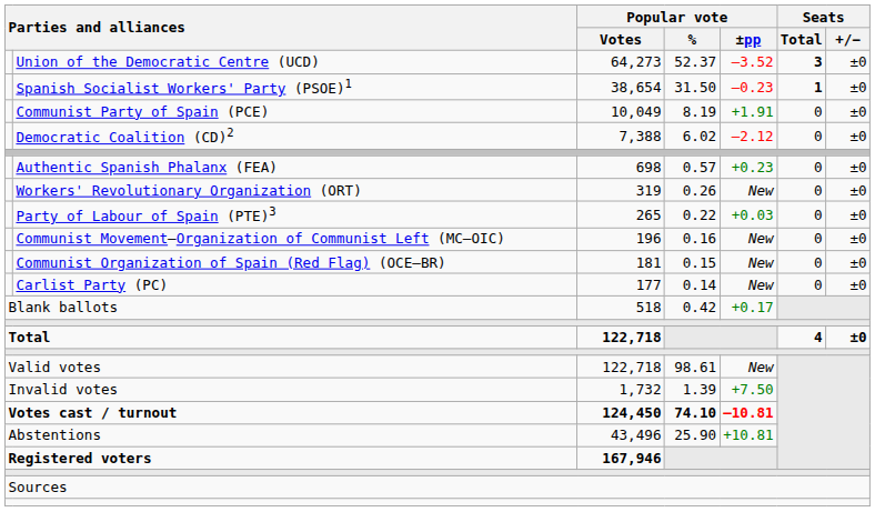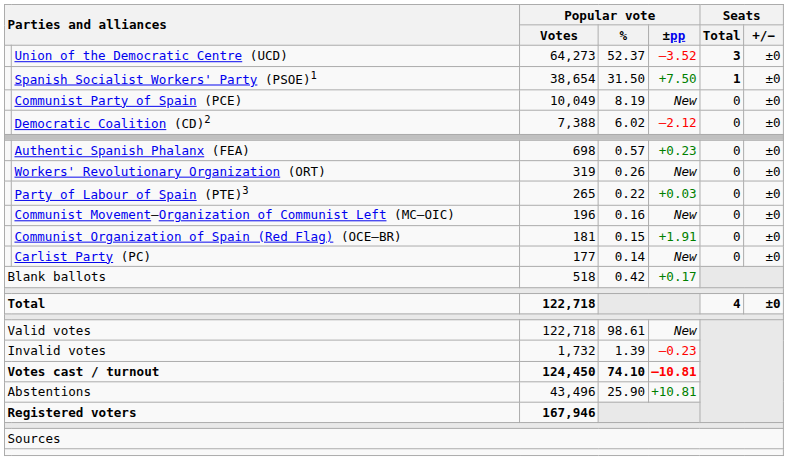 <table class="wikitable" style="text-align:right;">
 <tr>
 <th style="text-align:left;" rowspan="2" colspan="2" width="525">Parties and alliances</th>
 <th colspan="3">Popular vote</th>
 <th colspan="2">Seats</th>
 </tr>
 <tr>
 <th width="75">Votes</th>
 <th width="45">%</th>
 <th width="45">±<a href='#'>pp</a></th>
 <th width="35">Total</th>
 <th width="35">+/−</th>
 </tr>
 <tr>
 <td width="1" style="color:inherit;background:"></td>
 <td align="left"><a href='#'>Union of the Democratic Centre</a> (UCD)</td>
 <td>64,273</td>
 <td>52.37</td>
 <td style="color:red;">–3.52</td>
 <td><strong>3</strong></td>
 <td>±0</td>
 </tr>
 <tr>
 <td style="color:inherit;background:"></td>
 <td align="left"><a href='#'>Spanish Socialist Workers' Party</a> (PSOE)<sup>1</sup></td>
 <td>38,654</td>
 <td>31.50</td>
-<td style="color:red;">–0.23</td>
+<td style="color:green;">+7.50</td>
 <td><strong>1</strong></td>
 <td>±0</td>
 </tr>
 <tr>
 <td style="color:inherit;background:"></td>
 <td align="left"><a href='#'>Communist Party of Spain</a> (PCE)</td>
 <td>10,049</td>
 <td>8.19</td>
-<td style="color:green;">+1.91</td>
+<td><em>New</em></td>
 <td>0</td>
 <td>±0</td>
 </tr>
 <tr>
 <td style="color:inherit;background:"></td>
 <td align="left"><a href='#'>Democratic Coalition</a> (CD)<sup>2</sup></td>
 <td>7,388</td>
 <td>6.02</td>
 <td style="color:red;">–2.12</td>
 <td>0</td>
 <td>±0</td>
 </tr>
 <tr>
 <td colspan="7" bgcolor="#C0C0C0"></td>
 </tr>
 <tr>
 <td style="color:inherit;background:"></td>
 <td align="left"><a href='#'>Authentic Spanish Phalanx</a> (FEA)</td>
 <td>698</td>
 <td>0.57</td>
 <td style="color:green;">+0.23</td>
 <td>0</td>
 <td>±0</td>
 </tr>
 <tr>
 <td style="color:inherit;background:"></td>
 <td align="left"><a href='#'>Workers' Revolutionary Organization</a> (ORT)</td>
 <td>319</td>
 <td>0.26</td>
 <td><em>New</em></td>
 <td>0</td>
 <td>±0</td>
 </tr>
 <tr>
 <td style="color:inherit;background:"></td>
 <td align="left"><a href='#'>Party of Labour of Spain</a> (PTE)<sup>3</sup></td>
 <td>265</td>
 <td>0.22</td>
 <td style="color:green;">+0.03</td>
 <td>0</td>
 <td>±0</td>
 </tr>
 <tr>
 <td style="color:inherit;background:"></td>
 <td align="left"><a href='#'>Communist Movement</a>–<a href='#'>Organization of Communist Left</a> (MC–OIC)</td>
 <td>196</td>
 <td>0.16</td>
 <td><em>New</em></td>
 <td>0</td>
 <td>±0</td>
 </tr>
 <tr>
 <td style="color:inherit;background:"></td>
 <td align="left"><a href='#'>Communist Organization of Spain (Red Flag)</a> (OCE–BR)</td>
 <td>181</td>
 <td>0.15</td>
-<td><em>New</em></td>
+<td style="color:green;">+1.91</td>
 <td>0</td>
 <td>±0</td>
 </tr>
 <tr>
 <td style="color:inherit;background:"></td>
 <td align="left"><a href='#'>Carlist Party</a> (PC)</td>
 <td>177</td>
 <td>0.14</td>
 <td><em>New</em></td>
 <td>0</td>
 <td>±0</td>
 </tr>
 <tr>
 <td align="left" colspan="2">Blank ballots</td>
 <td>518</td>
 <td>0.42</td>
 <td style="color:green;">+0.17</td>
 <td bgcolor="#E9E9E9" colspan="2"></td>
 </tr>
 <tr>
 <td colspan="7" bgcolor="#E9E9E9"></td>
 </tr>
 <tr style="font-weight:bold;">
 <td align="left" colspan="2">Total</td>
 <td>122,718</td>
 <td bgcolor="#E9E9E9" colspan="2"></td>
 <td>4</td>
 <td>±0</td>
 </tr>
 <tr>
 <td colspan="7" bgcolor="#E9E9E9"></td>
 </tr>
 <tr>
 <td align="left" colspan="2">Valid votes</td>
 <td>122,718</td>
 <td>98.61</td>
 <td><em>New</em></td>
 <td bgcolor="#E9E9E9" colspan="2" rowspan="5"></td>
 </tr>
 <tr>
 <td align="left" colspan="2">Invalid votes</td>
 <td>1,732</td>
 <td>1.39</td>
-<td style="color:green;">+7.50</td>
+<td style="color:red;">–0.23</td>
 </tr>
 <tr style="font-weight:bold;">
 <td align="left" colspan="2">Votes cast / turnout</td>
 <td>124,450</td>
 <td>74.10</td>
 <td style="color:red;">–10.81</td>
 </tr>
 <tr>
 <td align="left" colspan="2">Abstentions</td>
 <td>43,496</td>
 <td>25.90</td>
 <td style="color:green;">+10.81</td>
 </tr>
 <tr style="font-weight:bold;">
 <td align="left" colspan="2">Registered voters</td>
 <td>167,946</td>
 <td bgcolor="#E9E9E9" colspan="2"></td>
 </tr>
 <tr>
 <td colspan="7" bgcolor="#E9E9E9"></td>
 </tr>
 <tr>
 <td align="left" colspan="7">Sources</td>
 </tr>
 <tr>
 <td colspan="7" style="text-align:left; max-width:790px;"></td>
 </tr>
 </table>
